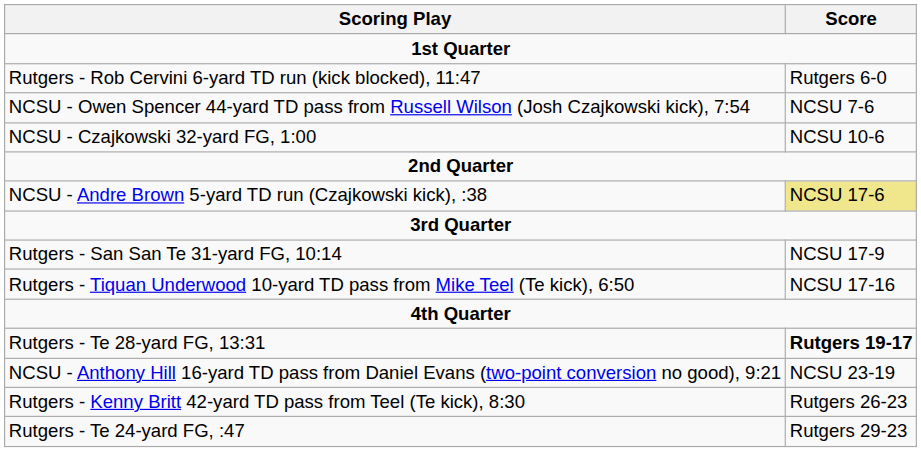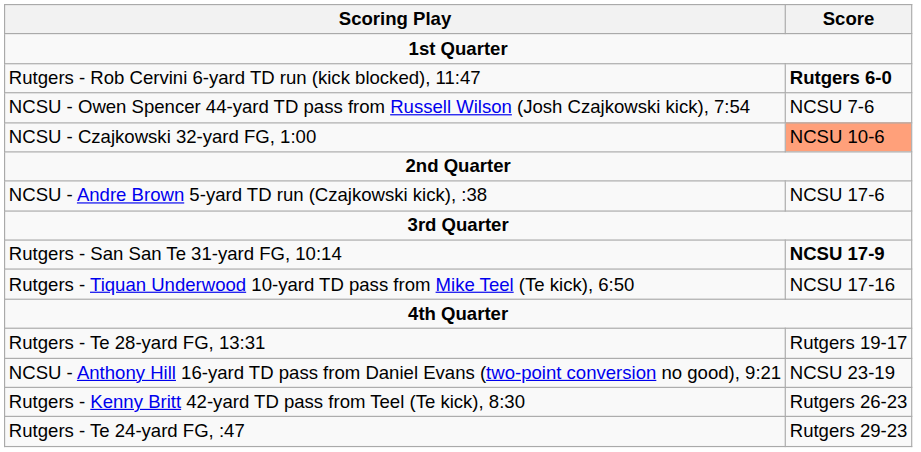 <table class="wikitable">
 <tr>
 <th>Scoring Play</th>
 <th>Score</th>
 </tr>
 <tr>
 <td colspan="4" align="center"><strong>1st Quarter</strong></td>
 </tr>
 <tr>
 <td>Rutgers - Rob Cervini 6-yard TD run (kick blocked), 11:47</td>
-<td>Rutgers 6-0</td>
+<td><strong>Rutgers 6-0</strong></td>
 </tr>
 <tr>
 <td>NCSU - Owen Spencer 44-yard TD pass from <a href='#'>Russell Wilson</a> (Josh Czajkowski kick), 7:54</td>
 <td>NCSU 7-6</td>
 </tr>
 <tr>
 <td>NCSU - Czajkowski 32-yard FG, 1:00</td>
-<td>NCSU 10-6</td>
+<td style="background: lightsalmon;">NCSU 10-6</td>
 </tr>
 <tr>
 <td colspan="4" align="center"><strong>2nd Quarter</strong></td>
 </tr>
 <tr>
 <td>NCSU - <a href='#'>Andre Brown</a> 5-yard TD run (Czajkowski kick), :38</td>
-<td style="background: khaki;">NCSU 17-6</td>
+<td>NCSU 17-6</td>
 </tr>
 <tr>
 <td colspan="4" align="center"><strong>3rd Quarter</strong></td>
 </tr>
 <tr>
 <td>Rutgers - San San Te 31-yard FG, 10:14</td>
-<td>NCSU 17-9</td>
+<td><strong>NCSU 17-9</strong></td>
 </tr>
 <tr>
 <td>Rutgers - <a href='#'>Tiquan Underwood</a> 10-yard TD pass from <a href='#'>Mike Teel</a> (Te kick), 6:50</td>
 <td>NCSU 17-16</td>
 </tr>
 <tr>
 <td colspan="4" align="center"><strong>4th Quarter</strong></td>
 </tr>
 <tr>
 <td>Rutgers - Te 28-yard FG, 13:31</td>
-<td><strong>Rutgers 19-17</strong></td>
+<td>Rutgers 19-17</td>
 </tr>
 <tr>
 <td>NCSU - <a href='#'>Anthony Hill</a> 16-yard TD pass from Daniel Evans (<a href='#'>two-point conversion</a> no good), 9:21</td>
 <td>NCSU 23-19</td>
 </tr>
 <tr>
 <td>Rutgers - <a href='#'>Kenny Britt</a> 42-yard TD pass from Teel (Te kick), 8:30</td>
 <td>Rutgers 26-23</td>
 </tr>
 <tr>
 <td>Rutgers - Te 24-yard FG, :47</td>
 <td>Rutgers 29-23</td>
 </tr>
 </table>
